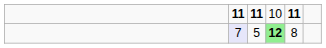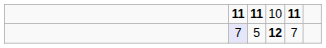 <table class="wikitable">
 <tr>
 <td style="width:18em"><strong> </strong></td>
 <td align=center style="width:1em"><strong>11</strong></td>
 <td align=center style="width:1em"><strong>11</strong></td>
 <td align=center style="width:1em">10</td>
 <td align=center style="width:1em"><strong>11</strong></td>
 <td align=center style="width:1em"></td>
 </tr>
 <tr>
 <td style="width:18em"></td>
 <td align=center style="background: lavender; width:1em">7</td>
 <td align=center style="width:1em">5</td>
-<td align=center style="background: lightgreen; width:1em"><strong>12</strong></td>
-<td align=center style="width:1em">8</td>
+<td align=center style="width:1em"><strong>12</strong></td>
+<td align=center style="width:1em">7</td>
 <td align=center style="width:1em"></td>
 </tr>
 </table>
